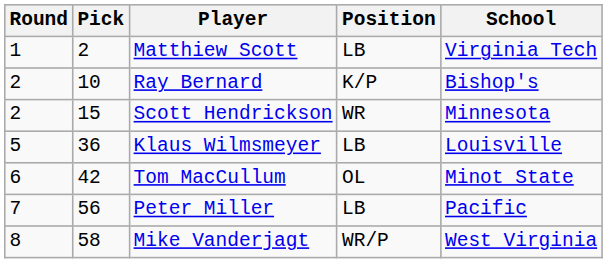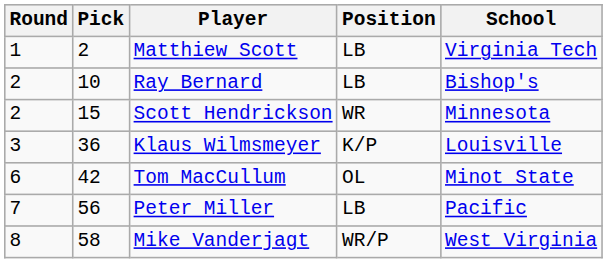 <table class="wikitable" style="font-size: 95%;">
 <tr>
 <th scope="col">Round</th>
 <th scope="col">Pick</th>
 <th scope="col">Player</th>
 <th scope="col">Position</th>
 <th scope="col">School</th>
 </tr>
 <tr>
 <td>1</td>
 <td>2</td>
 <td><a href='#'>Matthiew Scott</a></td>
 <td>LB</td>
 <td><a href='#'>Virginia Tech</a></td>
 </tr>
 <tr>
 <td>2</td>
 <td>10</td>
 <td><a href='#'>Ray Bernard</a></td>
-<td>K/P</td>
+<td>LB</td>
 <td><a href='#'>Bishop's</a></td>
 </tr>
 <tr>
 <td>2</td>
 <td>15</td>
 <td><a href='#'>Scott Hendrickson</a></td>
 <td>WR</td>
 <td><a href='#'>Minnesota</a></td>
 </tr>
 <tr>
-<td>5</td>
+<td>3</td>
 <td>36</td>
 <td><a href='#'>Klaus Wilmsmeyer</a></td>
-<td>LB</td>
+<td>K/P</td>
 <td><a href='#'>Louisville</a></td>
 </tr>
 <tr>
 <td>6</td>
 <td>42</td>
 <td><a href='#'>Tom MacCullum</a></td>
 <td>OL</td>
 <td><a href='#'>Minot State</a></td>
 </tr>
 <tr>
 <td>7</td>
 <td>56</td>
 <td><a href='#'>Peter Miller</a></td>
 <td>LB</td>
 <td><a href='#'>Pacific</a></td>
 </tr>
 <tr>
 <td>8</td>
 <td>58</td>
 <td><a href='#'>Mike Vanderjagt</a></td>
 <td>WR/P</td>
 <td><a href='#'>West Virginia</a></td>
 </tr>
 </table>
